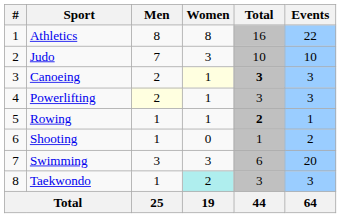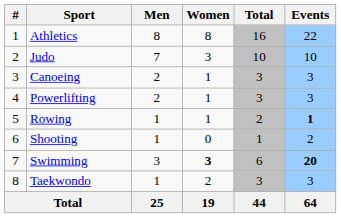 <table class="wikitable sortable" style="text-align:center;">
 <tr>
 <th width=20>#</th>
 <th width=120>Sport</th>
 <th width=55>Men</th>
 <th width=55>Women</th>
 <th width=55>Total</th>
 <th width=55>Events</th>
 </tr>
 <tr>
 <td align=center>1</td>
 <td align=left><a href='#'>Athletics</a></td>
 <td>8</td>
 <td>8</td>
 <td bgcolor=silver>16</td>
 <td bgcolor=#9acdff>22</td>
 </tr>
 <tr>
 <td align=center>2</td>
 <td align=left><a href='#'>Judo</a></td>
 <td>7</td>
 <td>3</td>
 <td bgcolor=silver>10</td>
 <td bgcolor=#9acdff>10</td>
 </tr>
 <tr>
 <td align=center>3</td>
 <td align=left><a href='#'>Canoeing</a></td>
 <td>2</td>
-<td style="background: lightyellow;">1</td>
-<td bgcolor=silver><strong>3</strong></td>
+<td>1</td>
+<td bgcolor=silver>3</td>
 <td bgcolor=#9acdff>3</td>
 </tr>
 <tr>
 <td align=center>4</td>
 <td align=left><a href='#'>Powerlifting</a></td>
-<td style="background: lightyellow;">2</td>
+<td>2</td>
 <td>1</td>
 <td bgcolor=silver>3</td>
 <td bgcolor=#9acdff>3</td>
 </tr>
 <tr>
 <td align=center>5</td>
 <td align=left><a href='#'>Rowing</a></td>
 <td>1</td>
 <td>1</td>
-<td bgcolor=silver><strong>2</strong></td>
-<td bgcolor=#9acdff>1</td>
+<td bgcolor=silver>2</td>
+<td bgcolor=#9acdff><strong>1</strong></td>
 </tr>
 <tr>
 <td align=center>6</td>
 <td align=left><a href='#'>Shooting</a></td>
 <td>1</td>
 <td>0</td>
 <td bgcolor=silver>1</td>
 <td bgcolor=#9acdff>2</td>
 </tr>
 <tr>
 <td align=center>7</td>
 <td align=left><a href='#'>Swimming</a></td>
 <td>3</td>
-<td>3</td>
+<td><strong>3</strong></td>
 <td bgcolor=silver>6</td>
-<td bgcolor=#9acdff>20</td>
+<td bgcolor=#9acdff><strong>20</strong></td>
 </tr>
 <tr>
 <td align=center>8</td>
 <td align=left><a href='#'>Taekwondo</a></td>
 <td>1</td>
-<td style="background: paleturquoise;">2</td>
+<td>2</td>
 <td bgcolor=silver>3</td>
 <td bgcolor=#9acdff>3</td>
 </tr>
 <tr>
 <th colspan=2>Total</th>
 <th>25</th>
 <th>19</th>
 <th>44</th>
 <th>64</th>
 </tr>
 </table>
